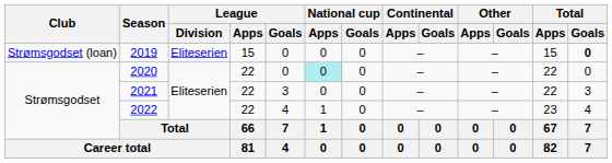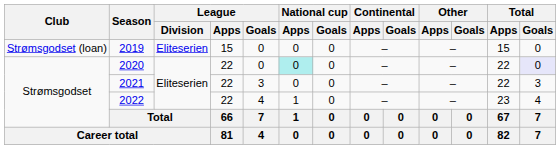 <table class="wikitable" style="text-align: center;">
 <tr>
 <th rowspan="2">Club</th>
 <th rowspan="2">Season</th>
 <th colspan="3">League</th>
 <th colspan="2">National cup</th>
 <th colspan="2">Continental</th>
 <th colspan="2">Other</th>
 <th colspan="2">Total</th>
 </tr>
 <tr>
 <th>Division</th>
 <th>Apps</th>
 <th>Goals</th>
 <th>Apps</th>
 <th>Goals</th>
 <th>Apps</th>
 <th>Goals</th>
 <th>Apps</th>
 <th>Goals</th>
 <th>Apps</th>
 <th>Goals</th>
 </tr>
 <tr>
 <td><a href='#'>Strømsgodset</a> (loan)</td>
 <td><a href='#'>2019</a></td>
 <td><a href='#'>Eliteserien</a></td>
 <td>15</td>
 <td>0</td>
 <td>0</td>
 <td>0</td>
 <td colspan="2">–</td>
 <td colspan="2">–</td>
 <td>15</td>
-<td><strong>0</strong></td>
+<td>0</td>
 </tr>
 <tr>
 <td rowspan="4">Strømsgodset</td>
 <td><a href='#'>2020</a></td>
 <td rowspan="3">Eliteserien</td>
 <td>22</td>
 <td>0</td>
 <td style="background: paleturquoise;">0</td>
 <td>0</td>
 <td colspan="2">–</td>
 <td colspan="2">–</td>
 <td>22</td>
-<td>0</td>
+<td style="background: lavender;">0</td>
 </tr>
 <tr>
 <td><a href='#'>2021</a></td>
 <td>22</td>
 <td>3</td>
 <td>0</td>
 <td>0</td>
 <td colspan="2">–</td>
 <td colspan="2">–</td>
 <td>22</td>
 <td>3</td>
 </tr>
 <tr>
 <td><a href='#'>2022</a></td>
 <td>22</td>
 <td>4</td>
 <td>1</td>
 <td>0</td>
 <td colspan="2">–</td>
 <td colspan="2">–</td>
 <td>23</td>
 <td>4</td>
 </tr>
 <tr>
 <th colspan="2">Total</th>
 <th>66</th>
 <th>7</th>
 <th>1</th>
 <th>0</th>
 <th>0</th>
 <th>0</th>
 <th>0</th>
 <th>0</th>
 <th>67</th>
 <th>7</th>
 </tr>
 <tr>
 <th colspan="3">Career total</th>
 <th>81</th>
 <th>4</th>
 <th>0</th>
 <th>0</th>
 <th>0</th>
 <th>0</th>
 <th>0</th>
 <th>0</th>
 <th>82</th>
 <th>7</th>
 </tr>
 </table>
